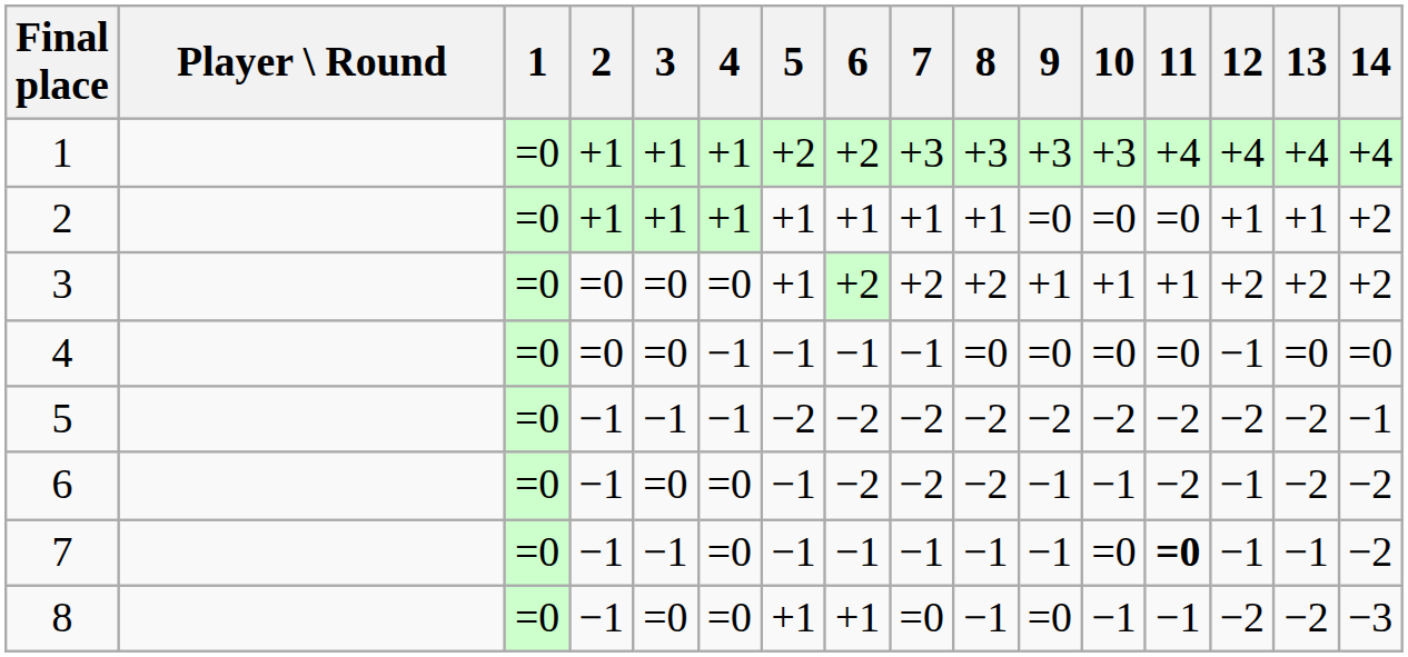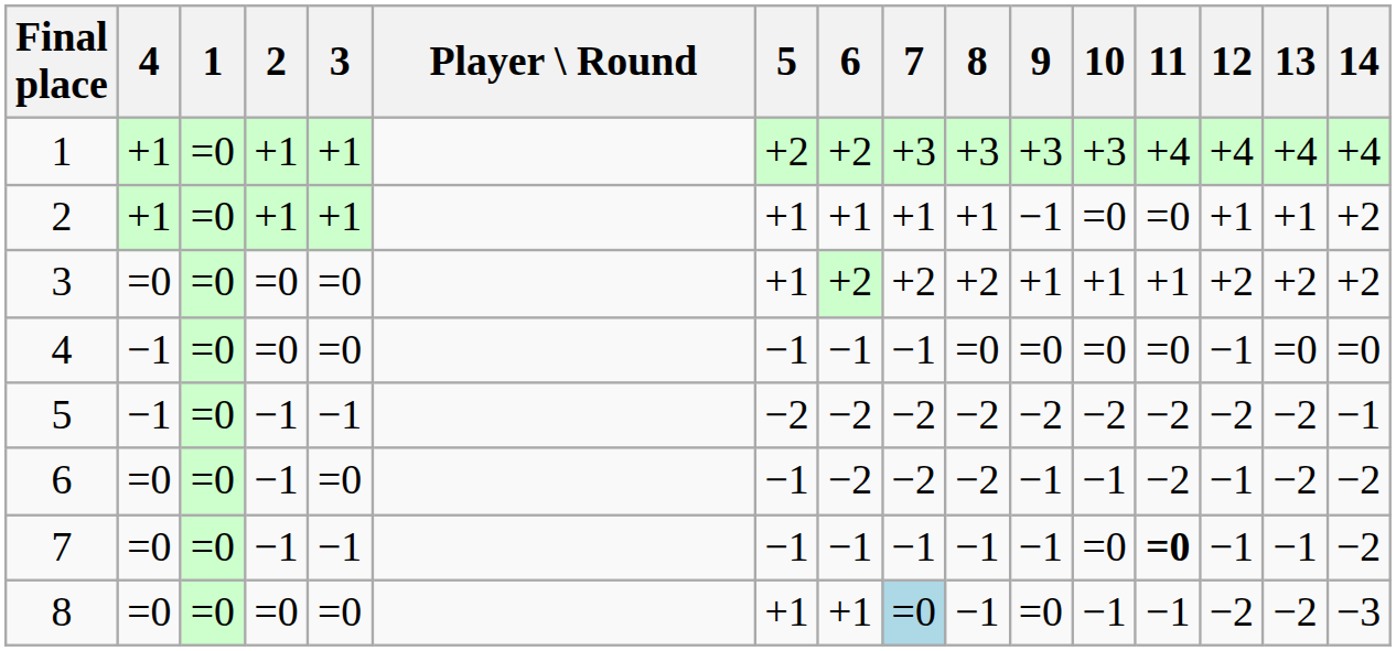 <table class="wikitable" style="font-size:100%; text-align:center; white-space: nowrap;">
 <tr>
 <th>Final<br>place</th>
-<th style="width:140px;">Player \ Round</th>
+<th>4</th>
 <th>1</th>
 <th>2</th>
 <th>3</th>
-<th>4</th>
+<th style="width:140px;">Player \ Round</th>
 <th>5</th>
 <th>6</th>
 <th>7</th>
 <th>8</th>
 <th>9</th>
 <th>10</th>
 <th>11</th>
 <th>12</th>
 <th>13</th>
 <th>14</th>
 </tr>
 <tr>
 <td>1</td>
-<td align=left></td>
+<td bgcolor=#ccffcc>+1</td>
 <td bgcolor=#ccffcc>=0</td>
 <td bgcolor=#ccffcc>+1</td>
 <td bgcolor=#ccffcc>+1</td>
-<td bgcolor=#ccffcc>+1</td>
+<td align=left></td>
 <td bgcolor=#ccffcc>+2</td>
 <td bgcolor=#ccffcc>+2</td>
 <td bgcolor=#ccffcc>+3</td>
 <td bgcolor=#ccffcc>+3</td>
 <td bgcolor=#ccffcc>+3</td>
 <td bgcolor=#ccffcc>+3</td>
 <td bgcolor=#ccffcc>+4</td>
 <td bgcolor=#ccffcc>+4</td>
 <td bgcolor=#ccffcc>+4</td>
 <td bgcolor=#ccffcc>+4</td>
 </tr>
 <tr>
 <td>2</td>
-<td align=left></td>
+<td bgcolor=#ccffcc>+1</td>
 <td bgcolor=#ccffcc>=0</td>
 <td bgcolor=#ccffcc>+1</td>
 <td bgcolor=#ccffcc>+1</td>
-<td bgcolor=#ccffcc>+1</td>
+<td align=left></td>
 <td>+1</td>
 <td>+1</td>
 <td>+1</td>
 <td>+1</td>
-<td>=0</td>
+<td>−1</td>
 <td>=0</td>
 <td>=0</td>
 <td>+1</td>
 <td>+1</td>
 <td>+2</td>
 </tr>
 <tr>
 <td>3</td>
-<td align=left></td>
+<td>=0</td>
 <td bgcolor=#ccffcc>=0</td>
 <td>=0</td>
 <td>=0</td>
-<td>=0</td>
+<td align=left></td>
 <td>+1</td>
 <td bgcolor=#ccffcc>+2</td>
 <td>+2</td>
 <td>+2</td>
 <td>+1</td>
 <td>+1</td>
 <td>+1</td>
 <td>+2</td>
 <td>+2</td>
 <td>+2</td>
 </tr>
 <tr>
 <td>4</td>
-<td align=left></td>
+<td>−1</td>
 <td bgcolor=#ccffcc>=0</td>
 <td>=0</td>
 <td>=0</td>
-<td>−1</td>
+<td align=left></td>
 <td>−1</td>
 <td>−1</td>
 <td>−1</td>
 <td>=0</td>
 <td>=0</td>
 <td>=0</td>
 <td>=0</td>
 <td>−1</td>
 <td>=0</td>
 <td>=0</td>
 </tr>
 <tr>
 <td>5</td>
-<td align=left></td>
+<td>−1</td>
 <td bgcolor=#ccffcc>=0</td>
 <td>−1</td>
 <td>−1</td>
-<td>−1</td>
+<td align=left></td>
 <td>−2</td>
 <td>−2</td>
 <td>−2</td>
 <td>−2</td>
 <td>−2</td>
 <td>−2</td>
 <td>−2</td>
 <td>−2</td>
 <td>−2</td>
 <td>−1</td>
 </tr>
 <tr>
 <td>6</td>
-<td align=left></td>
+<td>=0</td>
 <td bgcolor=#ccffcc>=0</td>
 <td>−1</td>
 <td>=0</td>
-<td>=0</td>
+<td align=left></td>
 <td>−1</td>
 <td>−2</td>
 <td>−2</td>
 <td>−2</td>
 <td>−1</td>
 <td>−1</td>
 <td>−2</td>
 <td>−1</td>
 <td>−2</td>
 <td>−2</td>
 </tr>
 <tr>
 <td>7</td>
-<td align=left></td>
+<td>=0</td>
 <td bgcolor=#ccffcc>=0</td>
 <td>−1</td>
 <td>−1</td>
-<td>=0</td>
+<td align=left></td>
 <td>−1</td>
 <td>−1</td>
 <td>−1</td>
 <td>−1</td>
 <td>−1</td>
 <td>=0</td>
 <td><strong>=0</strong></td>
 <td>−1</td>
 <td>−1</td>
 <td>−2</td>
 </tr>
 <tr>
 <td>8</td>
-<td align=left></td>
+<td>=0</td>
 <td bgcolor=#ccffcc>=0</td>
-<td>−1</td>
 <td>=0</td>
 <td>=0</td>
+<td align=left></td>
 <td>+1</td>
 <td>+1</td>
-<td>=0</td>
+<td style="background: lightblue;">=0</td>
 <td>−1</td>
 <td>=0</td>
 <td>−1</td>
 <td>−1</td>
 <td>−2</td>
 <td>−2</td>
 <td>−3</td>
 </tr>
 </table>
